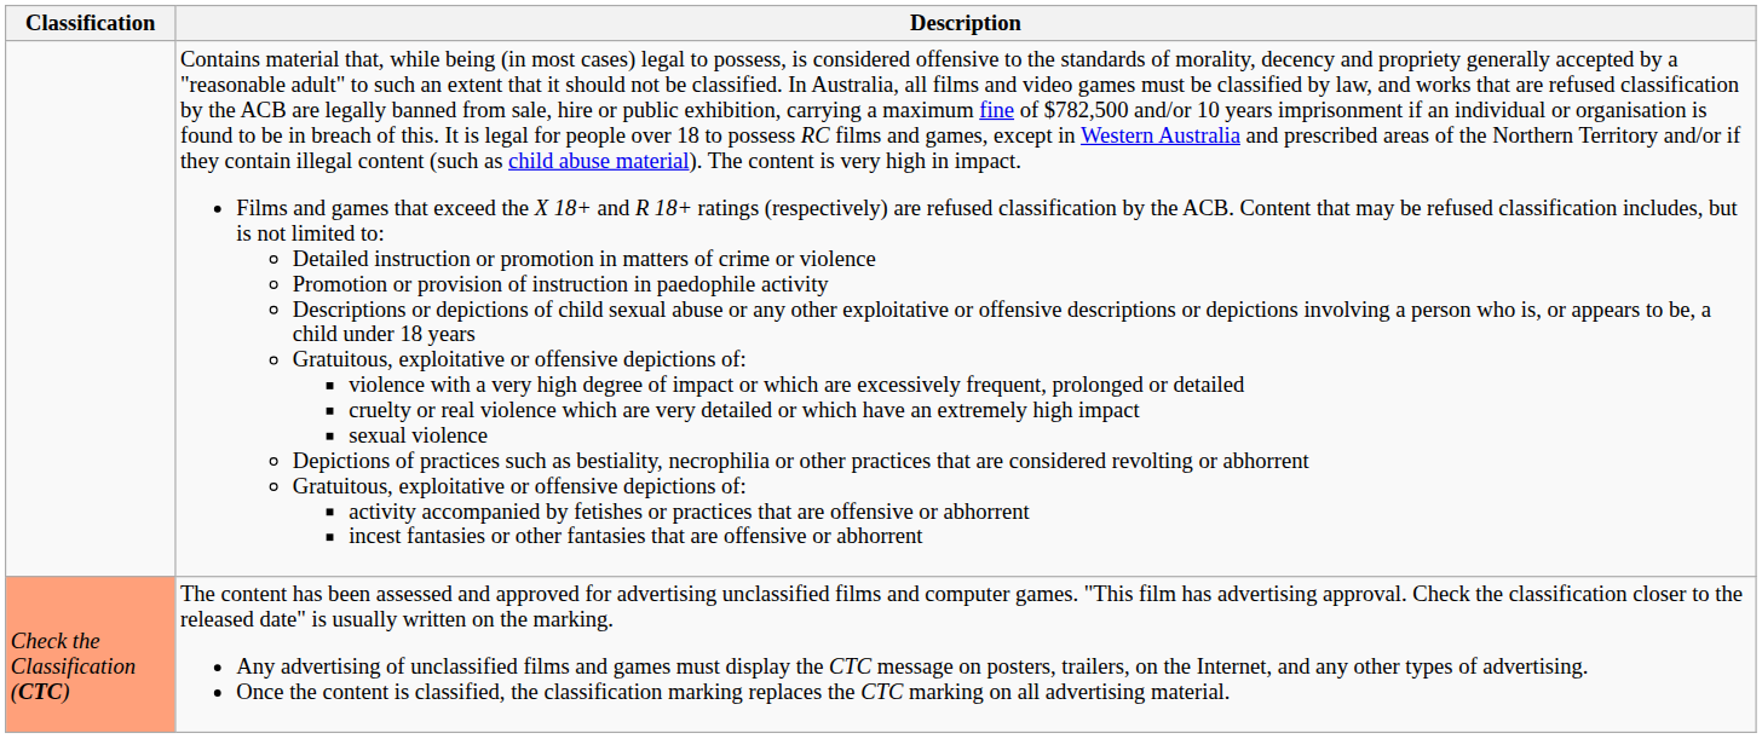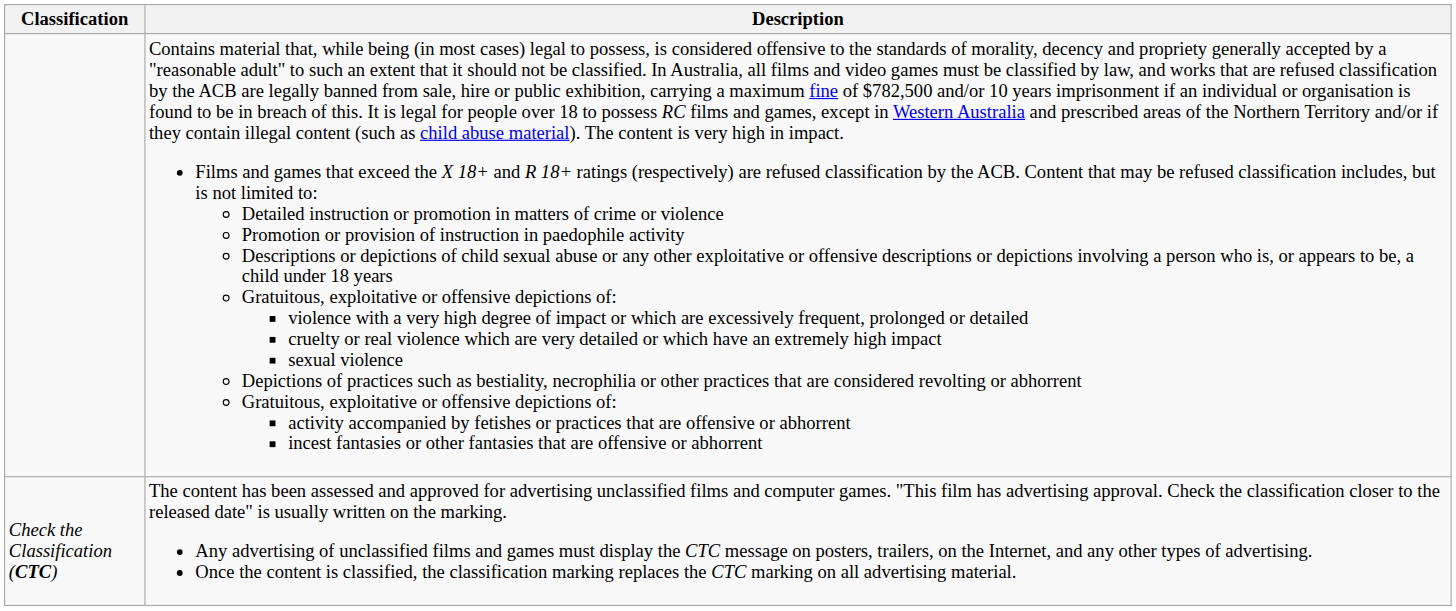 <table class="wikitable">
 <tr>
 <th>Classification</th>
 <th>Description</th>
 </tr>
 <tr>
 <td> <br></td>
 <td>Contains material that, while being (in most cases) legal to possess, is considered offensive to the standards of morality, decency and propriety generally accepted by a "reasonable adult" to such an extent that it should not be classified. In Australia, all films and video games must be classified by law, and works that are refused classification by the ACB are legally banned from sale, hire or public exhibition, carrying a maximum <a href='#'>fine</a> of $782,500 and/or 10 years imprisonment if an individual or organisation is found to be in breach of this. It is legal for people over 18 to possess <em>RC</em> films and games, except in <a href='#'>Western Australia</a> and prescribed areas of the Northern Territory and/or if they contain illegal content (such as <a href='#'>child abuse material</a>). The content is very high in impact.<br><ul><li>Films and games that exceed the <em>X 18+</em> and <em>R 18+</em> ratings (respectively) are refused classification by the ACB. Content that may be refused classification includes, but is not limited to:<ul><li>Detailed instruction or promotion in matters of crime or violence</li><li>Promotion or provision of instruction in paedophile activity</li><li>Descriptions or depictions of child sexual abuse or any other exploitative or offensive descriptions or depictions involving a person who is, or appears to be, a child under 18 years</li><li>Gratuitous, exploitative or offensive depictions of:<ul><li>violence with a very high degree of impact or which are excessively frequent, prolonged or detailed</li><li>cruelty or real violence which are very detailed or which have an extremely high impact</li><li>sexual violence</li></ul></li><li>Depictions of practices such as bestiality, necrophilia or other practices that are considered revolting or abhorrent</li><li>Gratuitous, exploitative or offensive depictions of:<ul><li>activity accompanied by fetishes or practices that are offensive or abhorrent</li><li>incest fantasies or other fantasies that are offensive or abhorrent</li></ul></li></ul></li></ul></td>
 </tr>
 <tr>
-<td style="background: lightsalmon;">  <br><em>Check the Classification (<strong>CTC</strong>)</em></td>
+<td>  <br><em>Check the Classification (<strong>CTC</strong>)</em></td>
 <td>The content has been assessed and approved for advertising unclassified films and computer games. "This film has advertising approval. Check the classification closer to the released date" is usually written on the marking.<br><ul><li>Any advertising of unclassified films and games must display the <em>CTC</em> message on posters, trailers, on the Internet, and any other types of advertising.</li><li>Once the content is classified, the classification marking replaces the <em>CTC</em> marking on all advertising material.</li></ul></td>
 </tr>
 </table>
